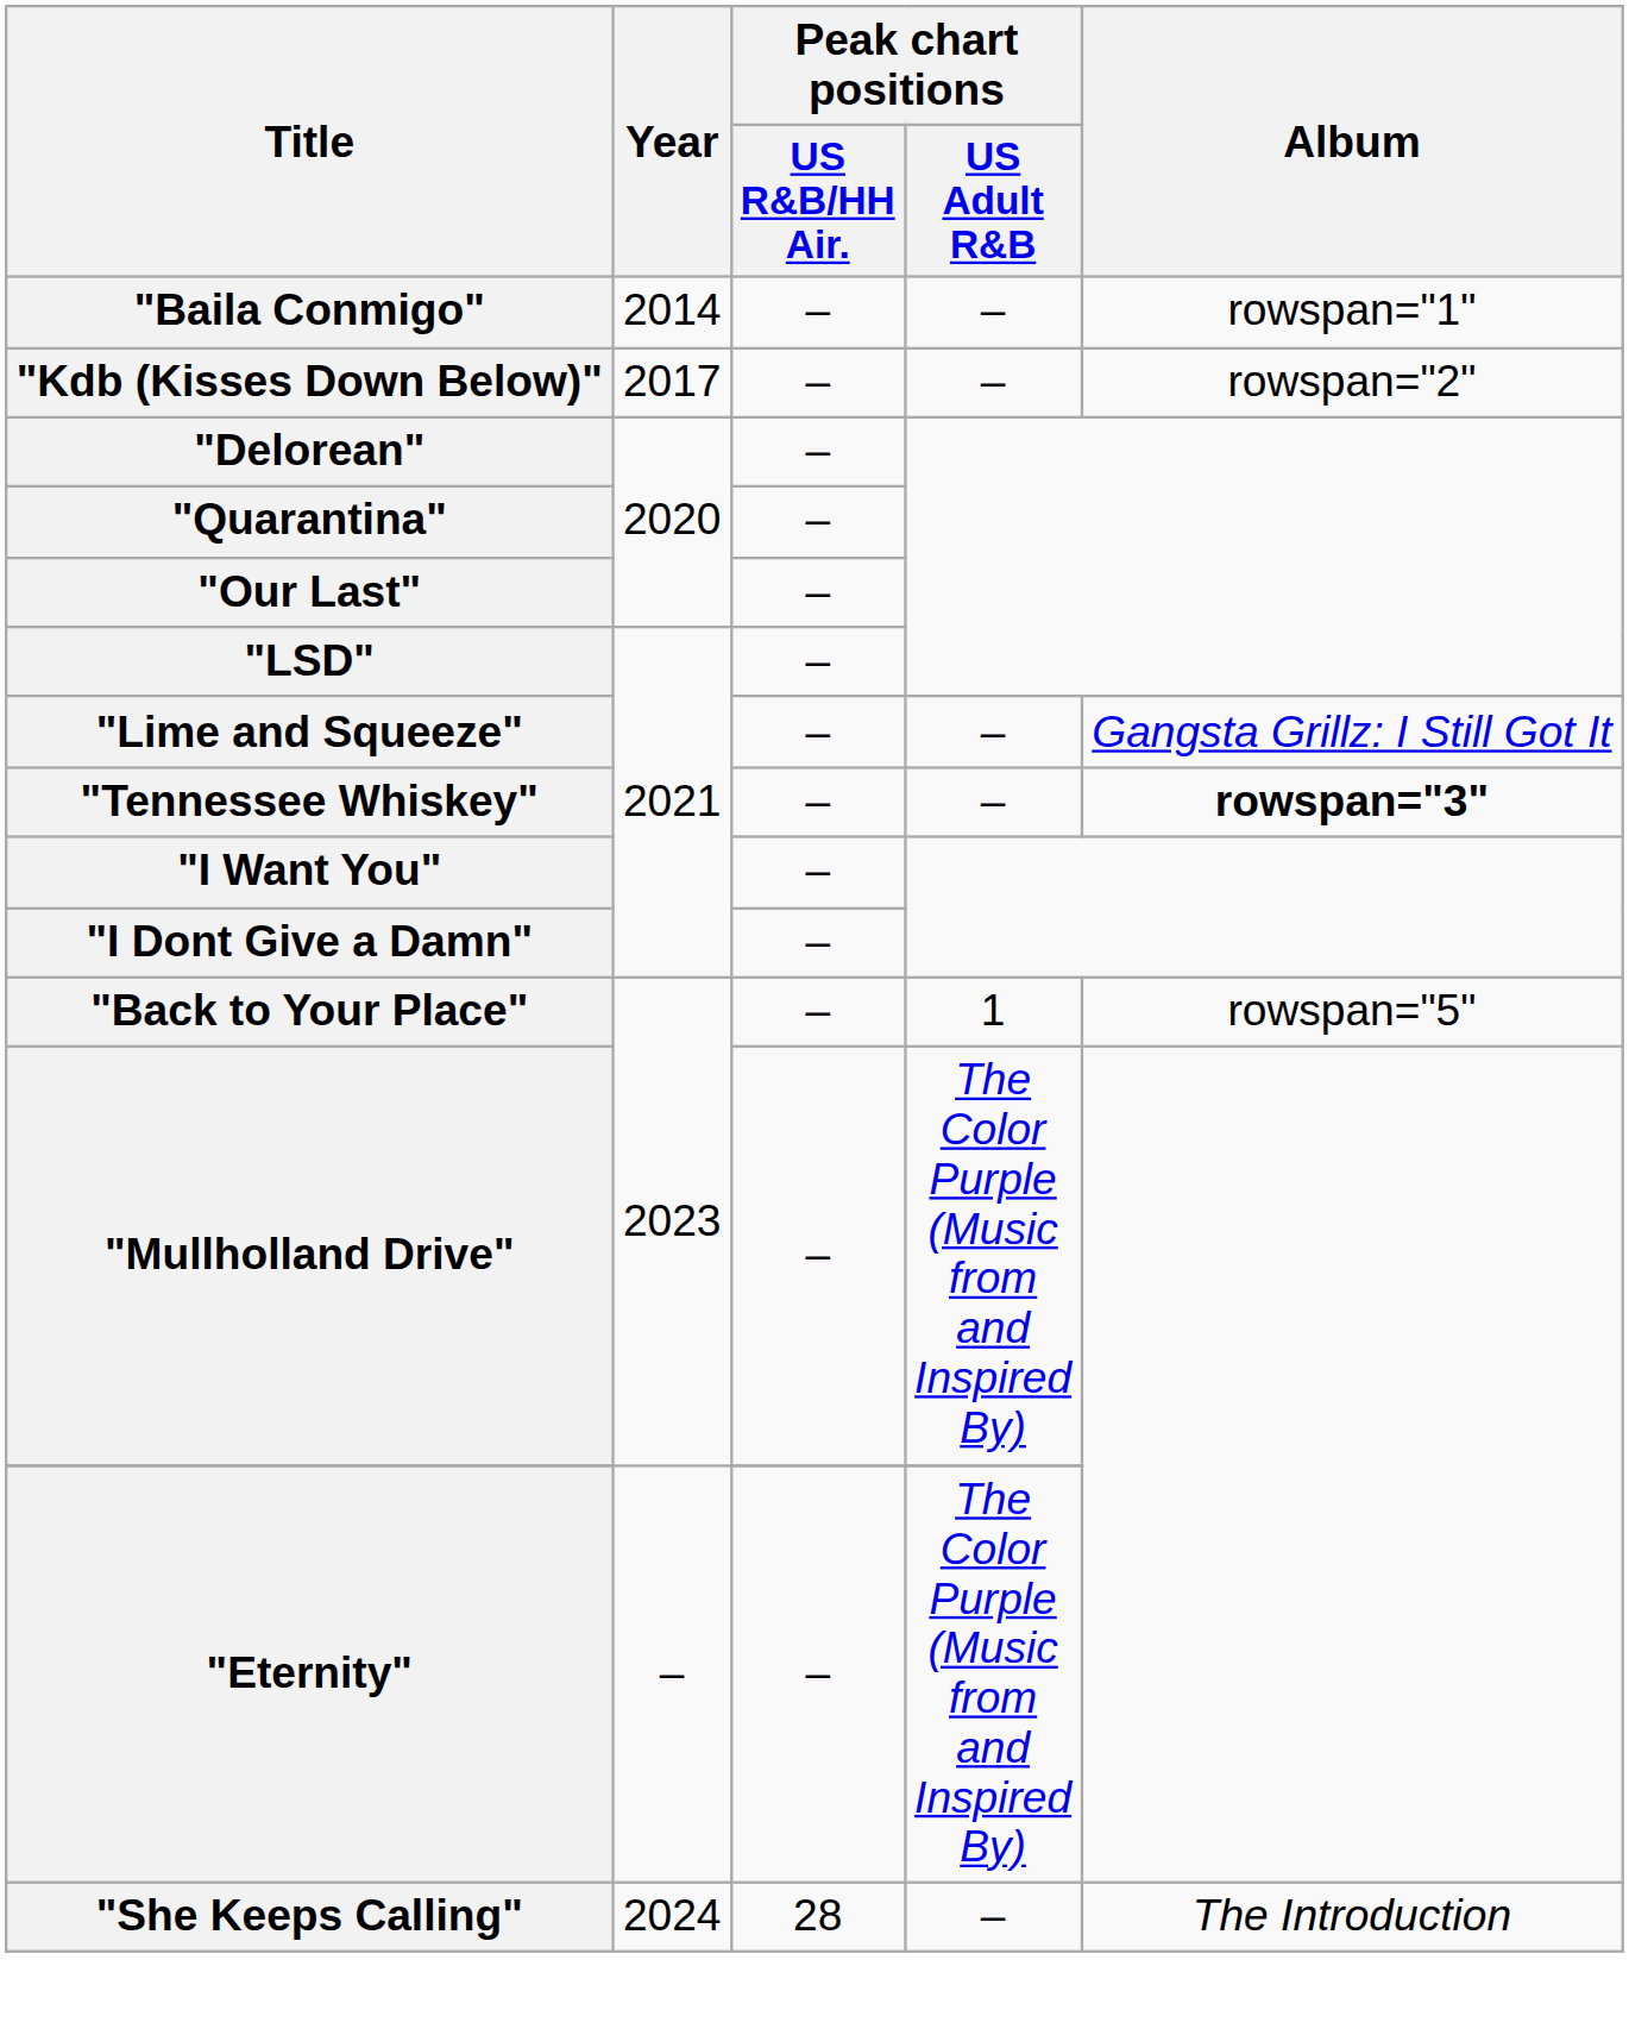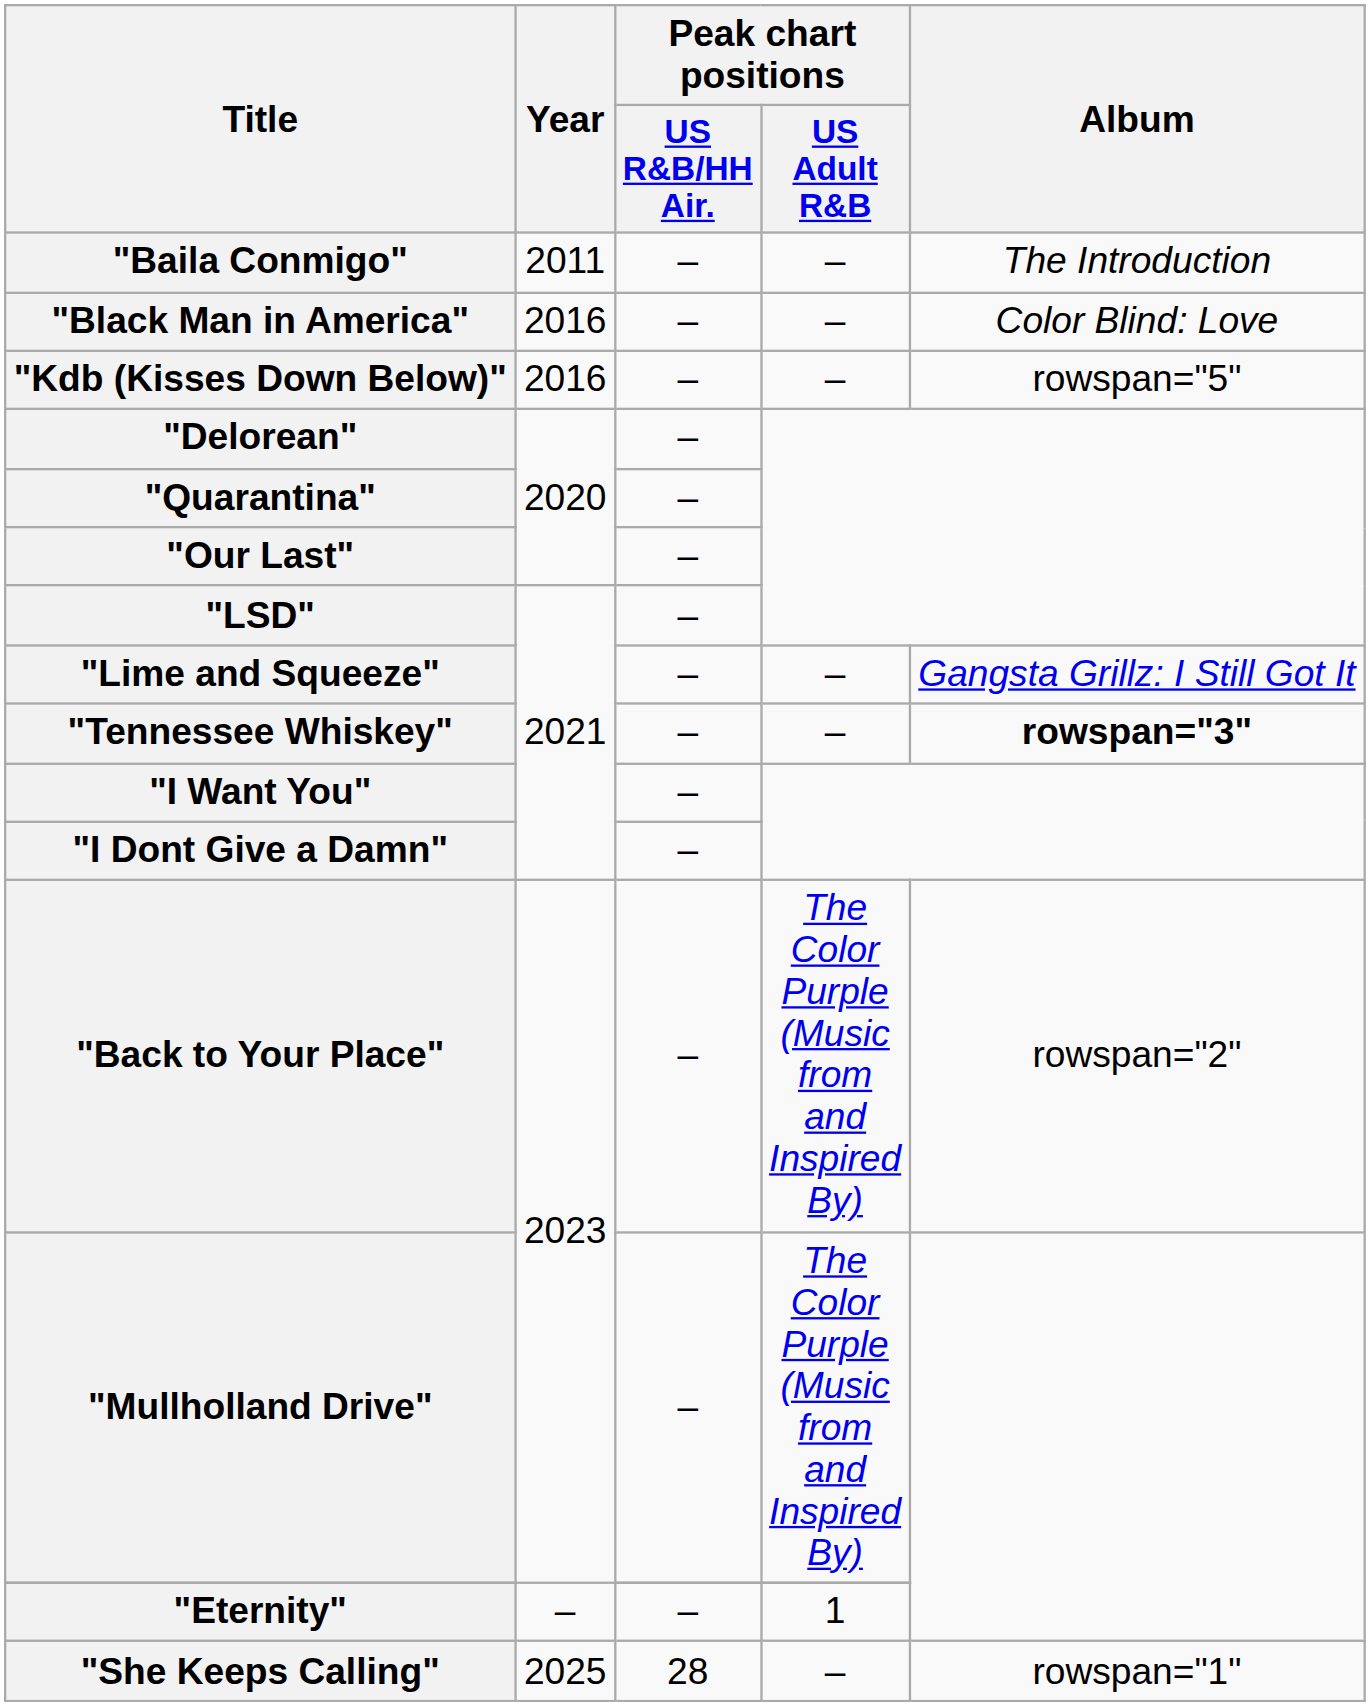 <table class="wikitable plainrowheaders" style="text-align:center;">
 <tr>
 <th scope="col" rowspan="2">Title</th>
 <th scope="col" rowspan="2">Year</th>
 <th scope="col" colspan="2">Peak chart positions</th>
 <th scope="col" rowspan="2">Album</th>
 </tr>
 <tr>
 <th scope="col" style="width:2.5em;font-size:90%;"><a href='#'>US<br>R&B/HH<br>Air.</a><br></th>
 <th scope="col" style="width:2.5em;font-size:90%;"><a href='#'>US Adult R&B</a></th>
 </tr>
 <tr>
 <th scope="row">"Baila Conmigo"<br></th>
-<td>2014</td>
+<td>2011</td>
 <td>–</td>
 <td>–</td>
-<td>rowspan="1" </td>
+<td><em>The Introduction</em></td>
+</tr>
+<tr>
+<th scope="row">"Black Man in America"</th>
+<td>2016</td>
+<td>–</td>
+<td>–</td>
+<td><em>Color Blind: Love</em></td>
 </tr>
 <tr>
 <th scope="row">"Kdb (Kisses Down Below)"<br></th>
-<td>2017</td>
+<td>2016</td>
 <td>–</td>
 <td>–</td>
-<td>rowspan="2" </td>
+<td>rowspan="5" </td>
 </tr>
 <tr>
 <th scope="row">"Delorean"</th>
 <td rowspan="3">2020</td>
 <td>–</td>
 </tr>
 <tr>
 <th scope="row">"Quarantina"</th>
 <td>–</td>
 </tr>
 <tr>
 <th scope="row">"Our Last"</th>
 <td>–</td>
 </tr>
 <tr>
 <th scope="row">"LSD"</th>
 <td rowspan="5">2021</td>
 <td>–</td>
 </tr>
 <tr>
 <th scope="row">"Lime and Squeeze"<br></th>
 <td>–</td>
 <td>–</td>
 <td><em><a href='#'>Gangsta Grillz: I Still Got It</a></em></td>
 </tr>
 <tr>
 <th scope="row">"Tennessee Whiskey"<br></th>
 <td>–</td>
 <td>–</td>
 <td><strong>rowspan="3" </strong></td>
 </tr>
 <tr>
 <th scope="row">"I Want You"</th>
 <td>–</td>
 </tr>
 <tr>
 <th scope="row">"I Dont Give a Damn"</th>
 <td>–</td>
 </tr>
 <tr>
 <th scope="row">"Back to Your Place"</th>
 <td rowspan="3">2023</td>
 <td>–</td>
-<td>1</td>
-<td>rowspan="5" </td>
+<td><em><a href='#'>The Color Purple (Music from and Inspired By)</a></em></td>
+<td>rowspan="2" </td>
 </tr>
 <tr>
 <th scope="row">"Mullholland Drive"</th>
 <td>–</td>
 <td><em><a href='#'>The Color Purple (Music from and Inspired By)</a></em></td>
 </tr>
 <tr>
 </tr>
 <tr>
 <th scope="row">"Eternity"</th>
 <td>–</td>
 <td>–</td>
-<td><em><a href='#'>The Color Purple (Music from and Inspired By)</a></em></td>
+<td>1</td>
 </tr>
 <tr>
 <th scope="row">"She Keeps Calling"</th>
-<td rowspan="1">2024</td>
+<td rowspan="1">2025</td>
 <td>28 </td>
 <td>–</td>
-<td><em>The Introduction</em></td>
+<td>rowspan="1" </td>
 </tr>
 </table>
